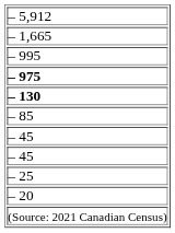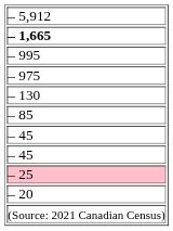 <table class="toccolours sortable" border="1" cellpadding="0" cellpadding="5">
 <tr>
 <td> – 5,912</td>
 </tr>
 <tr>
-<td> – 1,665</td>
+<td><strong> – 1,665</strong></td>
 </tr>
 <tr>
 <td> – 995</td>
 </tr>
 <tr>
-<td><strong> – 975</strong></td>
+<td> – 975</td>
 </tr>
 <tr>
-<td><strong> – 130</strong></td>
+<td> – 130</td>
 </tr>
 <tr>
 <td> – 85</td>
 </tr>
 <tr>
 <td> – 45</td>
 </tr>
 <tr>
 <td> – 45</td>
 </tr>
 <tr>
-<td> – 25</td>
+<td style="background: pink;"> – 25</td>
 </tr>
 <tr>
 <td> – 20</td>
 </tr>
 <tr>
 <td colspan=5><small>(Source: 2021 Canadian Census)</small></td>
 </tr>
 </table>
